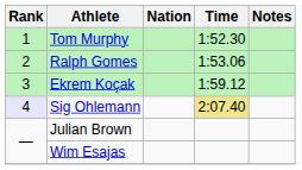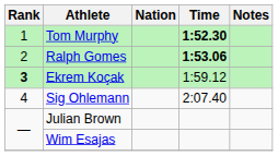 <table class="wikitable sortable" style="text-align:center">
 <tr>
 <th>Rank</th>
 <th>Athlete</th>
 <th>Nation</th>
 <th>Time</th>
 <th>Notes</th>
 </tr>
 <tr bgcolor=bbf3bb>
 <td>1</td>
 <td align=left><a href='#'>Tom Murphy</a></td>
 <td align=left></td>
-<td>1:52.30</td>
+<td><strong>1:52.30</strong></td>
 <td></td>
 </tr>
 <tr bgcolor=bbf3bb>
 <td>2</td>
 <td align=left><a href='#'>Ralph Gomes</a></td>
 <td align=left></td>
-<td>1:53.06</td>
+<td><strong>1:53.06</strong></td>
 <td></td>
 </tr>
 <tr bgcolor=bbf3bb>
-<td>3</td>
+<td><strong>3</strong></td>
 <td align=left><a href='#'>Ekrem Koçak</a></td>
 <td align=left></td>
 <td>1:59.12</td>
 <td></td>
 </tr>
 <tr>
-<td style="background: lavender;">4</td>
+<td>4</td>
 <td align=left><a href='#'>Sig Ohlemann</a></td>
 <td align=left></td>
-<td style="background: khaki;">2:07.40</td>
+<td>2:07.40</td>
 <td></td>
 </tr>
 <tr>
 <td rowspan=2 data-sort-value=5>—</td>
 <td align=left>Julian Brown</td>
 <td align=left></td>
 <td></td>
 <td></td>
 </tr>
 <tr>
 <td align=left><a href='#'>Wim Esajas</a></td>
 <td align=left></td>
 <td></td>
 <td></td>
 </tr>
 <tr>
 </tr>
 </table>
